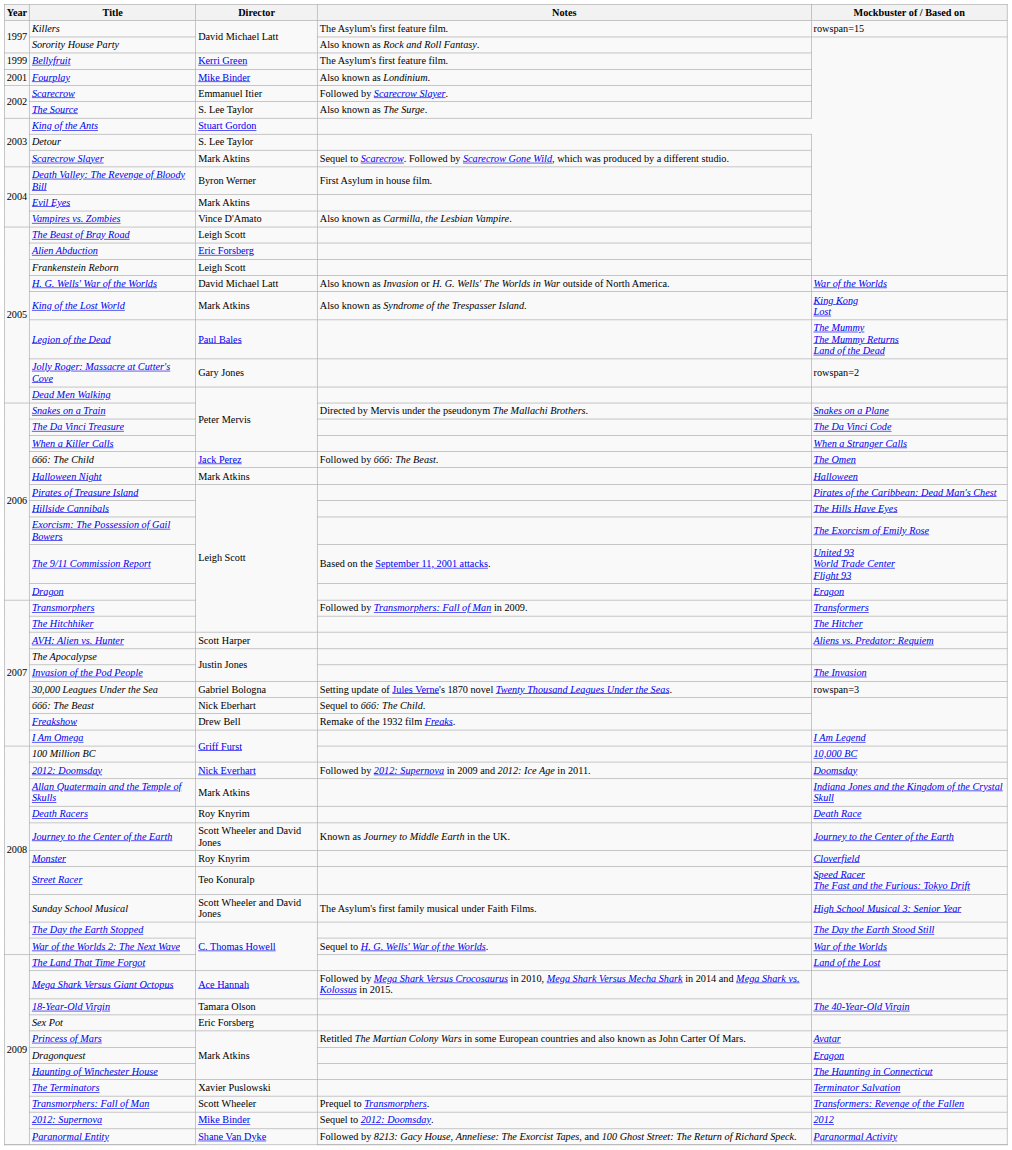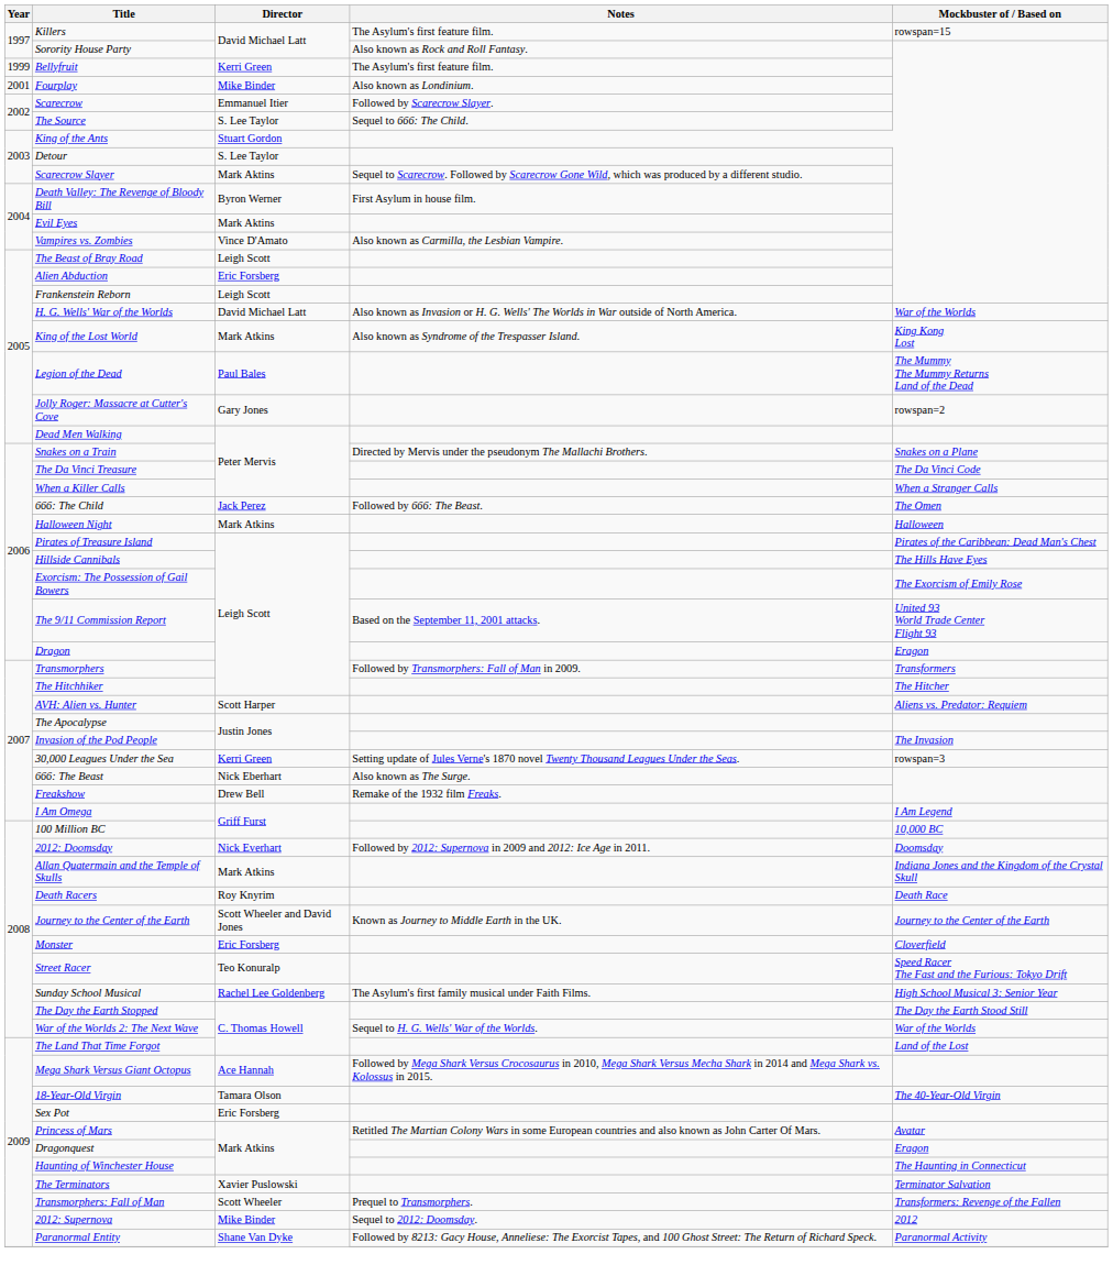 <table class="wikitable sortable">
 <tr>
 <th>Year</th>
 <th>Title</th>
 <th>Director</th>
 <th class="unsortable">Notes</th>
 <th>Mockbuster of / Based on</th>
 </tr>
 <tr>
 <td rowspan="2">1997</td>
 <td><em>Killers</em></td>
 <td rowspan="2">David Michael Latt</td>
 <td>The Asylum's first feature film.</td>
 <td>rowspan=15 </td>
 </tr>
 <tr>
 <td><em>Sorority House Party</em></td>
 <td>Also known as <em>Rock and Roll Fantasy</em>.</td>
 </tr>
 <tr>
 <td>1999</td>
 <td><em><a href='#'>Bellyfruit</a></em></td>
 <td><a href='#'>Kerri Green</a></td>
 <td>The Asylum's first feature film.</td>
 </tr>
 <tr>
 <td>2001</td>
 <td><em><a href='#'>Fourplay</a></em></td>
 <td><a href='#'>Mike Binder</a></td>
 <td>Also known as <em>Londinium</em>.</td>
 </tr>
 <tr>
 <td rowspan=2>2002</td>
 <td><em><a href='#'>Scarecrow</a></em></td>
 <td>Emmanuel Itier</td>
 <td>Followed by <em><a href='#'>Scarecrow Slayer</a></em>.</td>
 </tr>
 <tr>
 <td><em><a href='#'>The Source</a></em></td>
 <td>S. Lee Taylor</td>
-<td>Also known as <em>The Surge</em>.</td>
+<td>Sequel to <em>666: The Child</em>.</td>
 </tr>
 <tr>
 <td rowspan="3">2003</td>
 <td><em><a href='#'>King of the Ants</a></em></td>
 <td><a href='#'>Stuart Gordon</a></td>
 </tr>
 <tr>
 <td><em>Detour</em></td>
 <td>S. Lee Taylor</td>
 <td></td>
 </tr>
 <tr>
 <td><em><a href='#'>Scarecrow Slayer</a></em></td>
 <td>Mark Aktins</td>
 <td>Sequel to <em><a href='#'>Scarecrow</a></em>. Followed by <em><a href='#'>Scarecrow Gone Wild</a></em>, which was produced by a different studio.</td>
 </tr>
 <tr>
 <td rowspan="3">2004</td>
 <td><em><a href='#'>Death Valley: The Revenge of Bloody Bill</a></em></td>
 <td>Byron Werner</td>
 <td>First Asylum in house film.</td>
 </tr>
 <tr>
 <td><em><a href='#'>Evil Eyes</a></em></td>
 <td>Mark Aktins</td>
 <td></td>
 </tr>
 <tr>
 <td><em><a href='#'>Vampires vs. Zombies</a></em></td>
 <td>Vince D'Amato</td>
 <td>Also known as <em>Carmilla, the Lesbian Vampire</em>.</td>
 </tr>
 <tr>
 <td rowspan="8">2005</td>
 <td><em><a href='#'>The Beast of Bray Road</a></em></td>
 <td>Leigh Scott</td>
 <td></td>
 </tr>
 <tr>
 <td><em><a href='#'>Alien Abduction</a></em></td>
 <td><a href='#'>Eric Forsberg</a></td>
 <td></td>
 </tr>
 <tr>
 <td><em>Frankenstein Reborn</em></td>
 <td>Leigh Scott</td>
 <td></td>
 </tr>
 <tr>
 <td><em><a href='#'>H. G. Wells' War of the Worlds</a></em></td>
 <td>David Michael Latt</td>
 <td>Also known as <em>Invasion</em> or <em>H. G. Wells' The Worlds in War</em> outside of North America.</td>
 <td><em><a href='#'>War of the Worlds</a></em></td>
 </tr>
 <tr>
 <td><em><a href='#'>King of the Lost World</a></em></td>
 <td>Mark Atkins</td>
 <td>Also known as <em>Syndrome of the Trespasser Island</em>.</td>
 <td><em><a href='#'>King Kong</a></em><br><em><a href='#'>Lost</a></em></td>
 </tr>
 <tr>
 <td><a href='#'><em>Legion of the Dead</em></a></td>
 <td><a href='#'>Paul Bales</a></td>
 <td></td>
 <td><em><a href='#'>The Mummy</a></em><br><em><a href='#'>The Mummy Returns</a></em><br><em><a href='#'>Land of the Dead</a></em></td>
 </tr>
 <tr>
 <td><em><a href='#'>Jolly Roger: Massacre at Cutter's Cove</a></em></td>
 <td>Gary Jones</td>
 <td></td>
 <td>rowspan=2 </td>
 </tr>
 <tr>
 <td><em><a href='#'>Dead Men Walking</a></em></td>
 <td rowspan=4>Peter Mervis</td>
 <td></td>
 </tr>
 <tr>
 <td rowspan="10">2006</td>
 <td><em><a href='#'>Snakes on a Train</a></em></td>
 <td>Directed by Mervis under the pseudonym <em>The Mallachi Brothers</em>.</td>
 <td><em><a href='#'>Snakes on a Plane</a></em></td>
 </tr>
 <tr>
 <td><em><a href='#'>The Da Vinci Treasure</a></em></td>
 <td></td>
 <td><em><a href='#'>The Da Vinci Code</a></em></td>
 </tr>
 <tr>
 <td><em><a href='#'>When a Killer Calls</a></em></td>
 <td></td>
 <td><em><a href='#'>When a Stranger Calls</a></em></td>
 </tr>
 <tr>
 <td><em>666: The Child</em></td>
 <td><a href='#'>Jack Perez</a></td>
 <td>Followed by <em>666: The Beast</em>.</td>
 <td><em><a href='#'>The Omen</a></em></td>
 </tr>
 <tr>
 <td><em><a href='#'>Halloween Night</a></em></td>
 <td>Mark Atkins</td>
 <td></td>
 <td><em><a href='#'>Halloween</a></em></td>
 </tr>
 <tr>
 <td><em><a href='#'>Pirates of Treasure Island</a></em></td>
 <td rowspan="7">Leigh Scott</td>
 <td></td>
 <td><em><a href='#'>Pirates of the Caribbean: Dead Man's Chest</a></em></td>
 </tr>
 <tr>
 <td><em><a href='#'>Hillside Cannibals</a></em></td>
 <td></td>
 <td><em><a href='#'>The Hills Have Eyes</a></em></td>
 </tr>
 <tr>
 <td><em><a href='#'>Exorcism: The Possession of Gail Bowers</a></em></td>
 <td></td>
 <td><em><a href='#'>The Exorcism of Emily Rose</a></em></td>
 </tr>
 <tr>
 <td><em><a href='#'>The 9/11 Commission Report</a></em></td>
 <td>Based on the <a href='#'>September 11, 2001 attacks</a>.</td>
 <td><em><a href='#'>United 93</a></em><br><em><a href='#'>World Trade Center</a></em><br><em><a href='#'>Flight 93</a></em></td>
 </tr>
 <tr>
 <td><em><a href='#'>Dragon</a></em></td>
 <td></td>
 <td><em><a href='#'>Eragon</a></em></td>
 </tr>
 <tr>
 <td rowspan=9>2007</td>
 <td><em><a href='#'>Transmorphers</a></em></td>
 <td>Followed by <em><a href='#'>Transmorphers: Fall of Man</a></em> in 2009.</td>
 <td><em><a href='#'>Transformers</a></em></td>
 </tr>
 <tr>
 <td><em><a href='#'>The Hitchhiker</a></em></td>
 <td></td>
 <td><em><a href='#'>The Hitcher</a></em></td>
 </tr>
 <tr>
 <td><em><a href='#'>AVH: Alien vs. Hunter</a></em></td>
 <td>Scott Harper</td>
 <td></td>
 <td><em><a href='#'>Aliens vs. Predator: Requiem</a></em></td>
 </tr>
 <tr>
 <td><em>The Apocalypse</em></td>
 <td rowspan=2>Justin Jones</td>
 <td></td>
 <td></td>
 </tr>
 <tr>
 <td><em><a href='#'>Invasion of the Pod People</a></em></td>
 <td></td>
 <td><em><a href='#'>The Invasion</a></em></td>
 </tr>
 <tr>
 <td><em>30,000 Leagues Under the Sea</em></td>
-<td>Gabriel Bologna</td>
+<td><a href='#'>Kerri Green</a></td>
 <td>Setting update of <a href='#'>Jules Verne</a>'s 1870 novel <em><a href='#'>Twenty Thousand Leagues Under the Seas</a></em>.</td>
 <td>rowspan=3 </td>
 </tr>
 <tr>
 <td><em>666: The Beast</em></td>
 <td>Nick Eberhart</td>
-<td>Sequel to <em>666: The Child</em>.</td>
+<td>Also known as <em>The Surge</em>.</td>
 </tr>
 <tr>
 <td><em><a href='#'>Freakshow</a></em></td>
 <td>Drew Bell</td>
 <td>Remake of the 1932 film <em><a href='#'>Freaks</a></em>.</td>
 </tr>
 <tr>
 <td><em><a href='#'>I Am Omega</a></em></td>
 <td rowspan=2><a href='#'>Griff Furst</a></td>
 <td></td>
 <td><em><a href='#'>I Am Legend</a></em></td>
 </tr>
 <tr>
 <td rowspan=10>2008</td>
 <td><em>100 Million BC</em></td>
 <td></td>
 <td><em><a href='#'>10,000 BC</a></em></td>
 </tr>
 <tr>
 <td><em><a href='#'>2012: Doomsday</a></em></td>
 <td><a href='#'>Nick Everhart</a></td>
 <td>Followed by <em><a href='#'>2012: Supernova</a></em> in 2009 and <em>2012: Ice Age</em> in 2011.</td>
 <td><em><a href='#'>Doomsday</a></em></td>
 </tr>
 <tr>
 <td><em><a href='#'>Allan Quatermain and the Temple of Skulls</a></em></td>
 <td>Mark Atkins</td>
 <td></td>
 <td><em><a href='#'>Indiana Jones and the Kingdom of the Crystal Skull</a></em></td>
 </tr>
 <tr>
 <td><em><a href='#'>Death Racers</a></em></td>
 <td>Roy Knyrim</td>
 <td></td>
 <td><em><a href='#'>Death Race</a></em></td>
 </tr>
 <tr>
 <td><em><a href='#'>Journey to the Center of the Earth</a></em></td>
 <td>Scott Wheeler and David Jones</td>
 <td>Known as <em>Journey to Middle Earth</em> in the UK.</td>
 <td><em><a href='#'>Journey to the Center of the Earth</a></em></td>
 </tr>
 <tr>
 <td><em><a href='#'>Monster</a></em></td>
-<td>Roy Knyrim</td>
+<td><a href='#'>Eric Forsberg</a></td>
 <td></td>
 <td><em><a href='#'>Cloverfield</a></em></td>
 </tr>
 <tr>
 <td><em><a href='#'>Street Racer</a></em></td>
 <td>Teo Konuralp</td>
 <td></td>
 <td><em><a href='#'>Speed Racer</a></em><br><em><a href='#'>The Fast and the Furious: Tokyo Drift</a></em></td>
 </tr>
 <tr>
 <td><em>Sunday School Musical</em></td>
-<td>Scott Wheeler and David Jones</td>
+<td><a href='#'>Rachel Lee Goldenberg</a></td>
 <td>The Asylum's first family musical under Faith Films.</td>
 <td><em><a href='#'>High School Musical 3: Senior Year</a></em></td>
 </tr>
 <tr>
 <td><em><a href='#'>The Day the Earth Stopped</a></em></td>
 <td rowspan=3><a href='#'>C. Thomas Howell</a></td>
 <td></td>
 <td><em><a href='#'>The Day the Earth Stood Still</a></em></td>
 </tr>
 <tr>
 <td><em><a href='#'>War of the Worlds 2: The Next Wave</a></em></td>
 <td>Sequel to <em><a href='#'>H. G. Wells' War of the Worlds</a></em>.</td>
 <td><em><a href='#'>War of the Worlds</a></em></td>
 </tr>
 <tr>
 <td rowspan=11>2009</td>
 <td><em><a href='#'>The Land That Time Forgot</a></em></td>
 <td></td>
 <td><em><a href='#'>Land of the Lost</a></em></td>
 </tr>
 <tr>
 <td><em><a href='#'>Mega Shark Versus Giant Octopus</a></em></td>
 <td><a href='#'>Ace Hannah</a></td>
 <td>Followed by <em><a href='#'>Mega Shark Versus Crocosaurus</a></em> in 2010, <em><a href='#'>Mega Shark Versus Mecha Shark</a></em> in 2014 and <em><a href='#'>Mega Shark vs. Kolossus</a></em> in 2015.</td>
 <td></td>
 </tr>
 <tr>
 <td><em><a href='#'>18-Year-Old Virgin</a></em></td>
 <td>Tamara Olson</td>
 <td></td>
 <td><em><a href='#'>The 40-Year-Old Virgin</a></em></td>
 </tr>
 <tr>
 <td><em>Sex Pot</em></td>
 <td>Eric Forsberg</td>
 <td></td>
 <td></td>
 </tr>
 <tr>
 <td><em><a href='#'>Princess of Mars</a></em></td>
 <td rowspan=3>Mark Atkins</td>
 <td>Retitled <em>The Martian Colony Wars</em> in some European countries and also known as John Carter Of Mars.</td>
 <td><em><a href='#'>Avatar</a></em></td>
 </tr>
 <tr>
 <td><em>Dragonquest</em></td>
 <td></td>
 <td><em><a href='#'>Eragon</a></em></td>
 </tr>
 <tr>
 <td><em><a href='#'>Haunting of Winchester House</a></em></td>
 <td></td>
 <td><em><a href='#'>The Haunting in Connecticut</a></em></td>
 </tr>
 <tr>
 <td><em><a href='#'>The Terminators</a></em></td>
 <td>Xavier Puslowski</td>
 <td></td>
 <td><em><a href='#'>Terminator Salvation</a></em></td>
 </tr>
 <tr>
 <td><em><a href='#'>Transmorphers: Fall of Man</a></em></td>
 <td>Scott Wheeler</td>
 <td>Prequel to <em><a href='#'>Transmorphers</a></em>.</td>
 <td><em><a href='#'>Transformers: Revenge of the Fallen</a></em></td>
 </tr>
 <tr>
 <td><em><a href='#'>2012: Supernova</a></em></td>
 <td><a href='#'>Mike Binder</a></td>
 <td>Sequel to <em><a href='#'>2012: Doomsday</a></em>.</td>
 <td><em><a href='#'>2012</a></em></td>
 </tr>
 <tr>
 <td><em><a href='#'>Paranormal Entity</a></em></td>
 <td rowspan=3><a href='#'>Shane Van Dyke</a></td>
 <td>Followed by <em>8213: Gacy House</em>, <em>Anneliese: The Exorcist Tapes</em>, and <em>100 Ghost Street: The Return of Richard Speck</em>.</td>
 <td><em><a href='#'>Paranormal Activity</a></em></td>
 </tr>
 <tr>
 </tr>
 </table>
